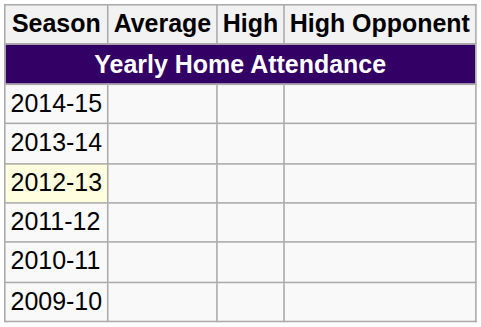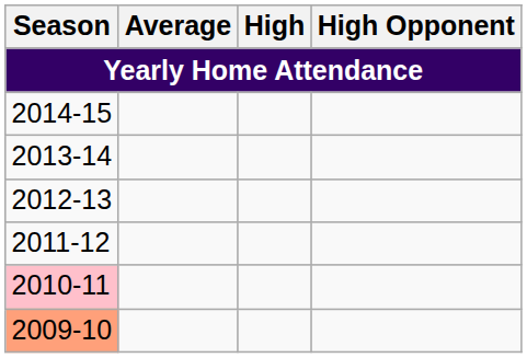 <table class="wikitable">
 <tr>
 <th>Season</th>
 <th>Average</th>
 <th>High</th>
 <th>High Opponent</th>
 </tr>
 <tr>
 <th colspan=4 style="background:#330066; color:#FFFFFF;">Yearly Home Attendance</th>
 </tr>
 <tr>
 <td>2014-15</td>
 <td></td>
 <td></td>
 <td></td>
 </tr>
 <tr>
 <td>2013-14</td>
 <td></td>
 <td></td>
 <td></td>
 </tr>
 <tr>
-<td style="background: lightyellow;">2012-13</td>
+<td>2012-13</td>
 <td></td>
 <td></td>
 <td></td>
 </tr>
 <tr>
 <td>2011-12</td>
 <td></td>
 <td></td>
 <td></td>
 </tr>
 <tr>
-<td>2010-11</td>
+<td style="background: pink;">2010-11</td>
 <td></td>
 <td></td>
 <td></td>
 </tr>
 <tr>
-<td>2009-10</td>
+<td style="background: lightsalmon;">2009-10</td>
 <td></td>
 <td></td>
 <td></td>
 </tr>
 </table>
